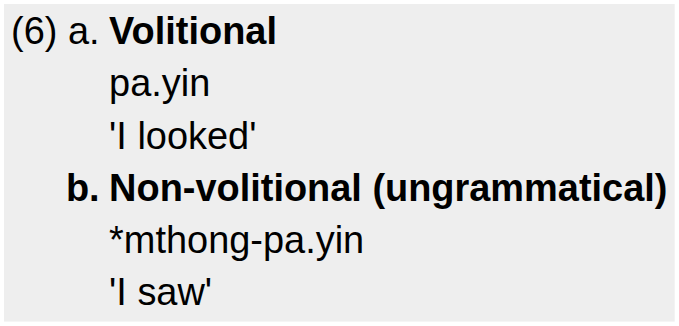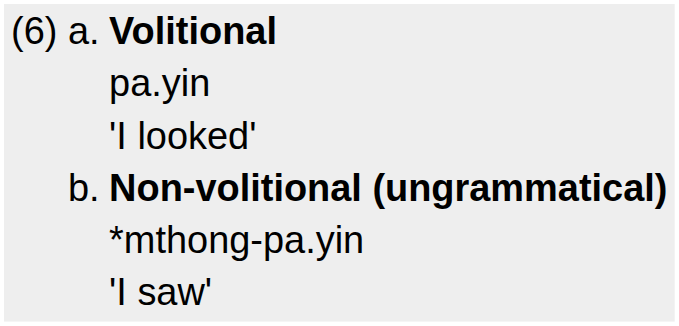 <table style="background: #EEEEEE;">
 <tr>
 <td style="text-align: right;">(6) a.</td>
 <td colspan="4"><strong>Volitional</strong></td>
 </tr>
 <tr>
 <td></td>
 <td>pa.yin</td>
 </tr>
 <tr>
 <td></td>
 <td colspan="4">'I looked'</td>
 </tr>
 <tr>
-<td style="text-align: right;"><strong>b.</strong></td>
+<td style="text-align: right;">b.</td>
 <td colspan="4"><strong>Non-volitional (ungrammatical)</strong></td>
 </tr>
 <tr>
 <td></td>
 <td>*mthong-pa.yin</td>
 </tr>
 <tr>
 <td></td>
 <td colspan="4">'I saw'</td>
 </tr>
 </table>
